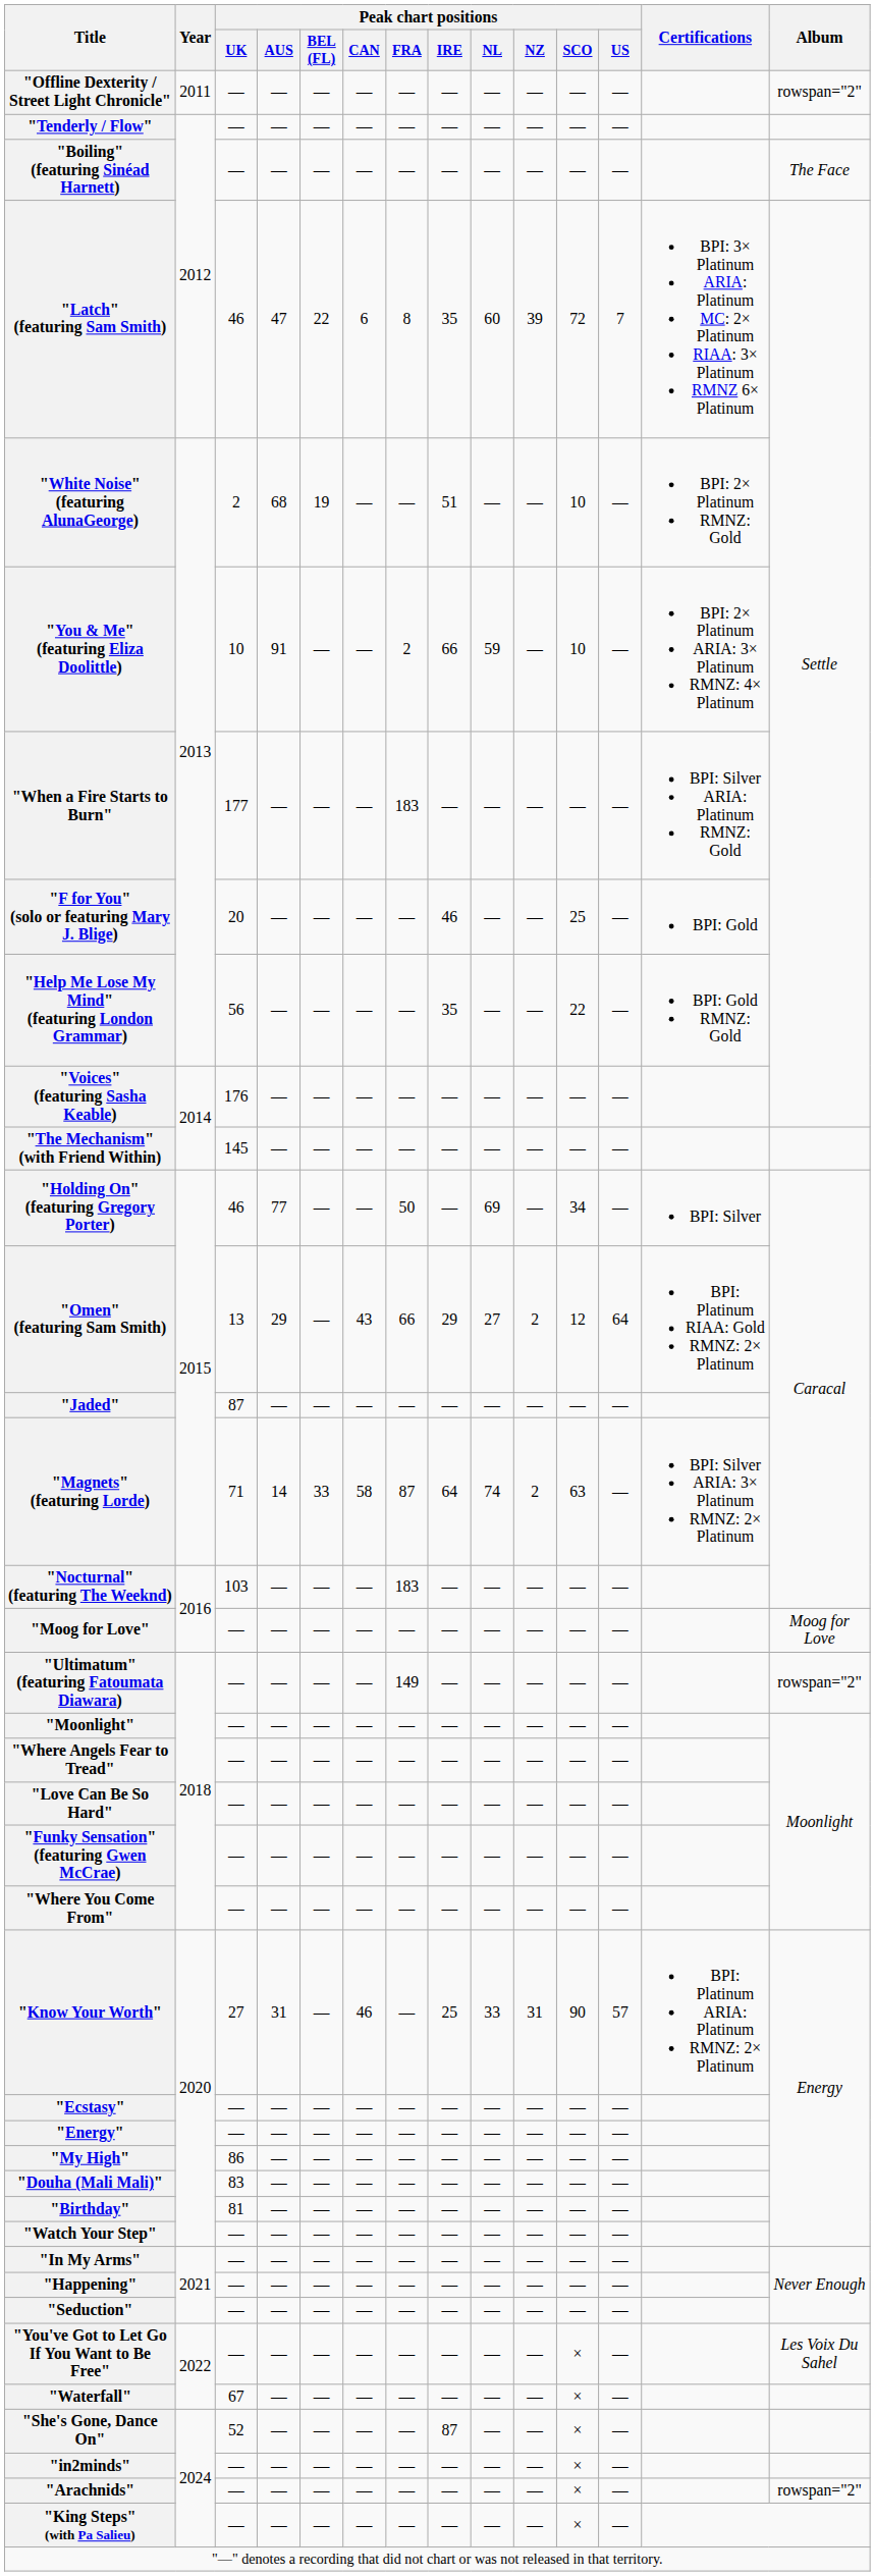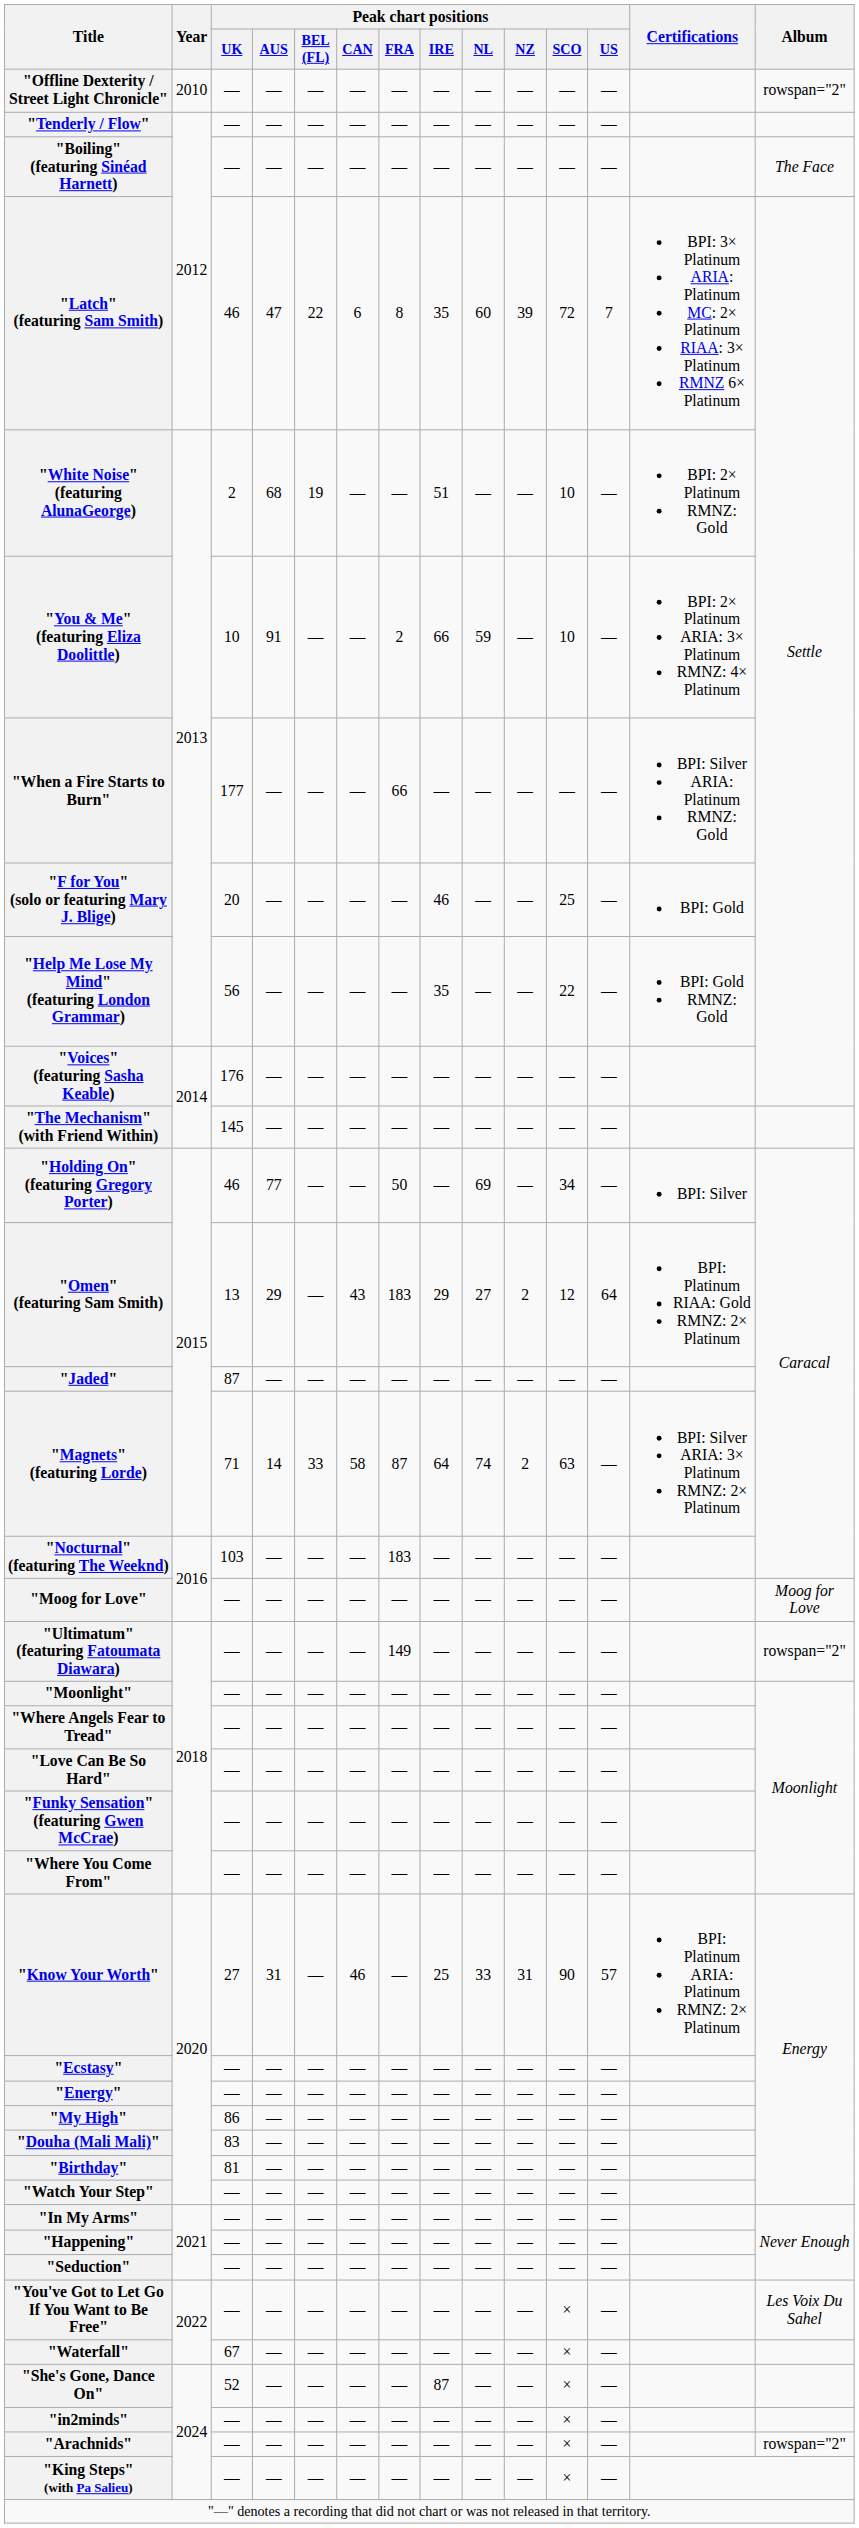 <table class="wikitable plainrowheaders" style="text-align:center;">
 <tr>
 <th scope="col" rowspan="2">Title</th>
 <th scope="col" rowspan="2">Year</th>
 <th scope="col" colspan="10">Peak chart positions</th>
 <th scope="col" rowspan="2"><a href='#'>Certifications</a></th>
 <th scope="col" rowspan="2">Album</th>
 </tr>
 <tr>
 <th scope="col" style="width:2.5em;font-size:90%;"><a href='#'>UK</a><br></th>
 <th scope="col" style="width:2.5em;font-size:90%;"><a href='#'>AUS</a><br></th>
 <th scope="col" style="width:2.5em;font-size:90%;"><a href='#'>BEL<br>(FL)</a><br></th>
 <th scope="col" style="width:2.5em;font-size:90%;"><a href='#'>CAN</a><br></th>
 <th scope="col" style="width:2.5em;font-size:90%;"><a href='#'>FRA</a><br></th>
 <th scope="col" style="width:2.5em;font-size:90%;"><a href='#'>IRE</a><br></th>
 <th scope="col" style="width:2.5em;font-size:90%;"><a href='#'>NL</a><br></th>
 <th scope="col" style="width:2.5em;font-size:90%;"><a href='#'>NZ</a><br></th>
 <th scope="col" style="width:2.5em;font-size:90%;"><a href='#'>SCO</a><br></th>
 <th scope="col" style="width:2.5em;font-size:90%;"><a href='#'>US</a><br></th>
 </tr>
 <tr>
 <th scope="row">"Offline Dexterity / Street Light Chronicle"</th>
-<td>2011</td>
+<td>2010</td>
 <td>—</td>
 <td>—</td>
 <td>—</td>
 <td>—</td>
 <td>—</td>
 <td>—</td>
 <td>—</td>
 <td>—</td>
 <td>—</td>
 <td>—</td>
 <td></td>
 <td>rowspan="2" </td>
 </tr>
 <tr>
 <th scope="row">"<a href='#'>Tenderly / Flow</a>"</th>
 <td rowspan="3">2012</td>
 <td>—</td>
 <td>—</td>
 <td>—</td>
 <td>—</td>
 <td>—</td>
 <td>—</td>
 <td>—</td>
 <td>—</td>
 <td>—</td>
 <td>—</td>
 <td></td>
 </tr>
 <tr>
 <th scope="row">"Boiling"<br><span>(featuring <a href='#'>Sinéad Harnett</a>)</span></th>
 <td>—</td>
 <td>—</td>
 <td>—</td>
 <td>—</td>
 <td>—</td>
 <td>—</td>
 <td>—</td>
 <td>—</td>
 <td>—</td>
 <td>—</td>
 <td></td>
 <td><em>The Face</em></td>
 </tr>
 <tr>
 <th scope="row">"<a href='#'>Latch</a>"<br><span>(featuring <a href='#'>Sam Smith</a>)</span></th>
 <td>46</td>
 <td>47</td>
 <td>22</td>
 <td>6</td>
 <td>8</td>
 <td>35</td>
 <td>60</td>
 <td>39</td>
 <td>72</td>
 <td>7</td>
 <td><br><ul><li>BPI: 3× Platinum</li><li><a href='#'>ARIA</a>: Platinum</li><li><a href='#'>MC</a>: 2× Platinum</li><li><a href='#'>RIAA</a>: 3× Platinum</li><li><a href='#'>RMNZ</a> 6× Platinum</li></ul></td>
 <td rowspan="7"><em>Settle</em></td>
 </tr>
 <tr>
 <th scope="row">"<a href='#'>White Noise</a>"<br><span>(featuring <a href='#'>AlunaGeorge</a>)</span></th>
 <td rowspan="5">2013</td>
 <td>2</td>
 <td>68</td>
 <td>19</td>
 <td>—</td>
 <td>—</td>
 <td>51</td>
 <td>—</td>
 <td>—</td>
 <td>10</td>
 <td>—</td>
 <td><br><ul><li>BPI: 2× Platinum</li><li>RMNZ: Gold</li></ul></td>
 </tr>
 <tr>
 <th scope="row">"<a href='#'>You & Me</a>"<br><span>(featuring <a href='#'>Eliza Doolittle</a>)</span></th>
 <td>10</td>
 <td>91</td>
 <td>—</td>
 <td>—</td>
 <td>2</td>
 <td>66<br></td>
 <td>59</td>
 <td>—</td>
 <td>10</td>
 <td>—</td>
 <td><br><ul><li>BPI: 2× Platinum</li><li>ARIA: 3× Platinum</li><li>RMNZ: 4× Platinum</li></ul></td>
 </tr>
 <tr>
 <th scope="row">"When a Fire Starts to Burn"</th>
 <td>177</td>
 <td>—</td>
 <td>—</td>
 <td>—</td>
-<td>183</td>
+<td>66</td>
 <td>—</td>
 <td>—</td>
 <td>—</td>
 <td>—</td>
 <td>—</td>
 <td><br><ul><li>BPI: Silver</li><li>ARIA: Platinum</li><li>RMNZ: Gold</li></ul></td>
 </tr>
 <tr>
 <th scope="row">"<a href='#'>F for You</a>"<br><span>(solo or featuring <a href='#'>Mary J. Blige</a>)</span><br></th>
 <td>20</td>
 <td>—</td>
 <td>—</td>
 <td>—</td>
 <td>—</td>
 <td>46</td>
 <td>—</td>
 <td>—</td>
 <td>25</td>
 <td>—</td>
 <td><br><ul><li>BPI: Gold</li></ul></td>
 </tr>
 <tr>
 <th scope="row">"<a href='#'>Help Me Lose My Mind</a>"<br><span>(featuring <a href='#'>London Grammar</a>)</span></th>
 <td>56</td>
 <td>—</td>
 <td>—</td>
 <td>—</td>
 <td>—</td>
 <td>35</td>
 <td>—</td>
 <td>—</td>
 <td>22</td>
 <td>—</td>
 <td><br><ul><li>BPI: Gold</li><li>RMNZ: Gold</li></ul></td>
 </tr>
 <tr>
 <th scope="row">"<a href='#'>Voices</a>"<br><span>(featuring <a href='#'>Sasha Keable</a>)</span></th>
 <td rowspan="2">2014</td>
 <td>176</td>
 <td>—</td>
 <td>—</td>
 <td>—</td>
 <td>—</td>
 <td>—</td>
 <td>—</td>
 <td>—</td>
 <td>—</td>
 <td>—</td>
 <td></td>
 </tr>
 <tr>
 <th scope="row">"<a href='#'>The Mechanism</a>"<br><span>(with Friend Within)</span></th>
 <td>145</td>
 <td>—</td>
 <td>—</td>
 <td>—</td>
 <td>—</td>
 <td>—</td>
 <td>—</td>
 <td>—</td>
 <td>—</td>
 <td>—</td>
 <td></td>
 <td></td>
 </tr>
 <tr>
 <th scope="row">"<a href='#'>Holding On</a>"<br><span>(featuring <a href='#'>Gregory Porter</a>)</span></th>
 <td rowspan="4">2015</td>
 <td>46</td>
 <td>77</td>
 <td>—</td>
 <td>—</td>
 <td>50</td>
 <td>—</td>
 <td>69</td>
 <td>—</td>
 <td>34</td>
 <td>—</td>
 <td><br><ul><li>BPI: Silver</li></ul></td>
 <td rowspan="5"><em>Caracal</em></td>
 </tr>
 <tr>
 <th scope="row">"<a href='#'>Omen</a>"<br><span>(featuring Sam Smith)</span></th>
 <td>13</td>
 <td>29</td>
 <td>—</td>
 <td>43</td>
-<td>66</td>
+<td>183</td>
 <td>29</td>
 <td>27</td>
 <td>2</td>
 <td>12</td>
 <td>64</td>
 <td><br><ul><li>BPI: Platinum</li><li>RIAA: Gold</li><li>RMNZ: 2× Platinum</li></ul></td>
 </tr>
 <tr>
 <th scope="row">"<a href='#'>Jaded</a>"</th>
 <td>87</td>
 <td>—</td>
 <td>—</td>
 <td>—</td>
 <td>—</td>
 <td>—</td>
 <td>—</td>
 <td>—</td>
 <td>—</td>
 <td>—</td>
 <td></td>
 </tr>
 <tr>
 <th scope="row">"<a href='#'>Magnets</a>"<br><span>(featuring <a href='#'>Lorde</a>)</span></th>
 <td>71</td>
 <td>14</td>
 <td>33</td>
 <td>58</td>
 <td>87</td>
 <td>64</td>
 <td>74</td>
 <td>2</td>
 <td>63</td>
 <td>—</td>
 <td><br><ul><li>BPI: Silver</li><li>ARIA: 3× Platinum</li><li>RMNZ: 2× Platinum</li></ul></td>
 </tr>
 <tr>
 <th scope="row">"<a href='#'>Nocturnal</a>"<br><span>(featuring <a href='#'>The Weeknd</a>)</span></th>
 <td rowspan="2">2016</td>
 <td>103</td>
 <td>—</td>
 <td>—</td>
 <td>—</td>
 <td>183</td>
 <td>—</td>
 <td>—</td>
 <td>—</td>
 <td>—</td>
 <td>—</td>
 <td></td>
 </tr>
 <tr>
 <th scope="row">"Moog for Love"</th>
 <td>—</td>
 <td>—</td>
 <td>—</td>
 <td>—</td>
 <td>—</td>
 <td>—</td>
 <td>—</td>
 <td>—</td>
 <td>—</td>
 <td>—</td>
 <td></td>
 <td><em>Moog for Love</em></td>
 </tr>
 <tr>
 <th scope="row">"Ultimatum"<br><span>(featuring <a href='#'>Fatoumata Diawara</a>)</span></th>
 <td rowspan="6">2018</td>
 <td>—</td>
 <td>—</td>
 <td>—</td>
 <td>—</td>
 <td>149</td>
 <td>—</td>
 <td>—</td>
 <td>—</td>
 <td>—</td>
 <td>—</td>
 <td></td>
 <td>rowspan="2" </td>
 </tr>
 <tr>
 <th scope="row">"Moonlight"</th>
 <td>—</td>
 <td>—</td>
 <td>—</td>
 <td>—</td>
 <td>—</td>
 <td>—</td>
 <td>—</td>
 <td>—</td>
 <td>—</td>
 <td>—</td>
 <td></td>
 <td rowspan="5"><em>Moonlight</em></td>
 </tr>
 <tr>
 <th scope="row">"Where Angels Fear to Tread"</th>
 <td>—</td>
 <td>—</td>
 <td>—</td>
 <td>—</td>
 <td>—</td>
 <td>—</td>
 <td>—</td>
 <td>—</td>
 <td>—</td>
 <td>—</td>
 <td></td>
 </tr>
 <tr>
 <th scope="row">"Love Can Be So Hard"</th>
 <td>—</td>
 <td>—</td>
 <td>—</td>
 <td>—</td>
 <td>—</td>
 <td>—</td>
 <td>—</td>
 <td>—</td>
 <td>—</td>
 <td>—</td>
 <td></td>
 </tr>
 <tr>
 <th scope="row">"<a href='#'>Funky Sensation</a>"<br><span>(featuring <a href='#'>Gwen McCrae</a>)</span></th>
 <td>—</td>
 <td>—</td>
 <td>—</td>
 <td>—</td>
 <td>—</td>
 <td>—</td>
 <td>—</td>
 <td>—</td>
 <td>—</td>
 <td>—</td>
 <td></td>
 </tr>
 <tr>
 <th scope="row">"Where You Come From"</th>
 <td>—</td>
 <td>—</td>
 <td>—</td>
 <td>—</td>
 <td>—</td>
 <td>—</td>
 <td>—</td>
 <td>—</td>
 <td>—</td>
 <td>—</td>
 <td></td>
 </tr>
 <tr>
 <th scope="row">"<a href='#'>Know Your Worth</a>"<br></th>
 <td rowspan="7">2020</td>
 <td>27</td>
 <td>31</td>
 <td>—</td>
 <td>46</td>
 <td>—</td>
 <td>25</td>
 <td>33</td>
 <td>31</td>
 <td>90</td>
 <td>57</td>
 <td><br><ul><li>BPI: Platinum</li><li>ARIA: Platinum</li><li>RMNZ: 2× Platinum</li></ul></td>
 <td rowspan="7"><em>Energy</em></td>
 </tr>
 <tr>
 <th scope="row">"<a href='#'>Ecstasy</a>"</th>
 <td>—</td>
 <td>—</td>
 <td>—</td>
 <td>—</td>
 <td>—</td>
 <td>—</td>
 <td>—</td>
 <td>—</td>
 <td>—</td>
 <td>—</td>
 <td></td>
 </tr>
 <tr>
 <th scope="row">"<a href='#'>Energy</a>"</th>
 <td>—</td>
 <td>—</td>
 <td>—</td>
 <td>—</td>
 <td>—</td>
 <td>—</td>
 <td>—</td>
 <td>—</td>
 <td>—</td>
 <td>—</td>
 <td></td>
 </tr>
 <tr>
 <th scope="row">"<a href='#'>My High</a>"<br></th>
 <td>86</td>
 <td>—</td>
 <td>—</td>
 <td>—</td>
 <td>—</td>
 <td>—</td>
 <td>—</td>
 <td>—</td>
 <td>—</td>
 <td>—</td>
 <td></td>
 </tr>
 <tr>
 <th scope="row">"<a href='#'>Douha (Mali Mali)</a>"<br></th>
 <td>83</td>
 <td>—</td>
 <td>—</td>
 <td>—</td>
 <td>—</td>
 <td>—</td>
 <td>—</td>
 <td>—</td>
 <td>—</td>
 <td>—</td>
 <td></td>
 </tr>
 <tr>
 <th scope="row">"<a href='#'>Birthday</a>"<br></th>
 <td>81</td>
 <td>—</td>
 <td>—</td>
 <td>—</td>
 <td>—</td>
 <td>—</td>
 <td>—</td>
 <td>—</td>
 <td>—</td>
 <td>—</td>
 <td></td>
 </tr>
 <tr>
 <th scope="row">"Watch Your Step"<br></th>
 <td>—</td>
 <td>—</td>
 <td>—</td>
 <td>—</td>
 <td>—</td>
 <td>—</td>
 <td>—</td>
 <td>—</td>
 <td>—</td>
 <td>—</td>
 <td></td>
 </tr>
 <tr>
 <th scope="row">"In My Arms"</th>
 <td rowspan="3">2021</td>
 <td>—</td>
 <td>—</td>
 <td>—</td>
 <td>—</td>
 <td>—</td>
 <td>—</td>
 <td>—</td>
 <td>—</td>
 <td>—</td>
 <td>—</td>
 <td></td>
 <td rowspan="3"><em>Never Enough</em></td>
 </tr>
 <tr>
 <th scope="row">"Happening"</th>
 <td>—</td>
 <td>—</td>
 <td>—</td>
 <td>—</td>
 <td>—</td>
 <td>—</td>
 <td>—</td>
 <td>—</td>
 <td>—</td>
 <td>—</td>
 <td></td>
 </tr>
 <tr>
 <th scope="row">"Seduction"</th>
 <td>—</td>
 <td>—</td>
 <td>—</td>
 <td>—</td>
 <td>—</td>
 <td>—</td>
 <td>—</td>
 <td>—</td>
 <td>—</td>
 <td>—</td>
 <td></td>
 </tr>
 <tr>
 <th scope="row">"You've Got to Let Go If You Want to Be Free" <br></th>
 <td rowspan="2">2022</td>
 <td>—</td>
 <td>—</td>
 <td>—</td>
 <td>—</td>
 <td>—</td>
 <td>—</td>
 <td>—</td>
 <td>—</td>
 <td>×</td>
 <td>—</td>
 <td></td>
 <td><em>Les Voix Du Sahel</em></td>
 </tr>
 <tr>
 <th scope="row">"Waterfall"<br></th>
 <td>67</td>
 <td>—</td>
 <td>—</td>
 <td>—</td>
 <td>—</td>
 <td>—</td>
 <td>—</td>
 <td>—</td>
 <td>×</td>
 <td>—</td>
 <td></td>
 </tr>
 <tr>
 <th scope="row">"She's Gone, Dance On"</th>
 <td rowspan="4">2024</td>
 <td>52</td>
 <td>—</td>
 <td>—</td>
 <td>—</td>
 <td>—</td>
 <td>87</td>
 <td>—</td>
 <td>—</td>
 <td>×</td>
 <td>—</td>
 <td></td>
 <td></td>
 </tr>
 <tr>
 <th scope="row">"in2minds"<br></th>
 <td>—</td>
 <td>—</td>
 <td>—</td>
 <td>—</td>
 <td>—</td>
 <td>—</td>
 <td>—</td>
 <td>—</td>
 <td>×</td>
 <td>—</td>
 <td></td>
 <td></td>
 </tr>
 <tr>
 <th scope="row">"Arachnids"</th>
 <td>—</td>
 <td>—</td>
 <td>—</td>
 <td>—</td>
 <td>—</td>
 <td>—</td>
 <td>—</td>
 <td>—</td>
 <td>×</td>
 <td>—</td>
 <td></td>
 <td>rowspan="2" </td>
 </tr>
 <tr>
 <th scope="row">"King Steps"<br><small>(with <a href='#'>Pa Salieu</a>)</small></th>
 <td>—</td>
 <td>—</td>
 <td>—</td>
 <td>—</td>
 <td>—</td>
 <td>—</td>
 <td>—</td>
 <td>—</td>
 <td>×</td>
 <td>—</td>
 </tr>
 <tr>
 <td colspan="15" style="font-size:90%">"—" denotes a recording that did not chart or was not released in that territory.</td>
 </tr>
 </table>
